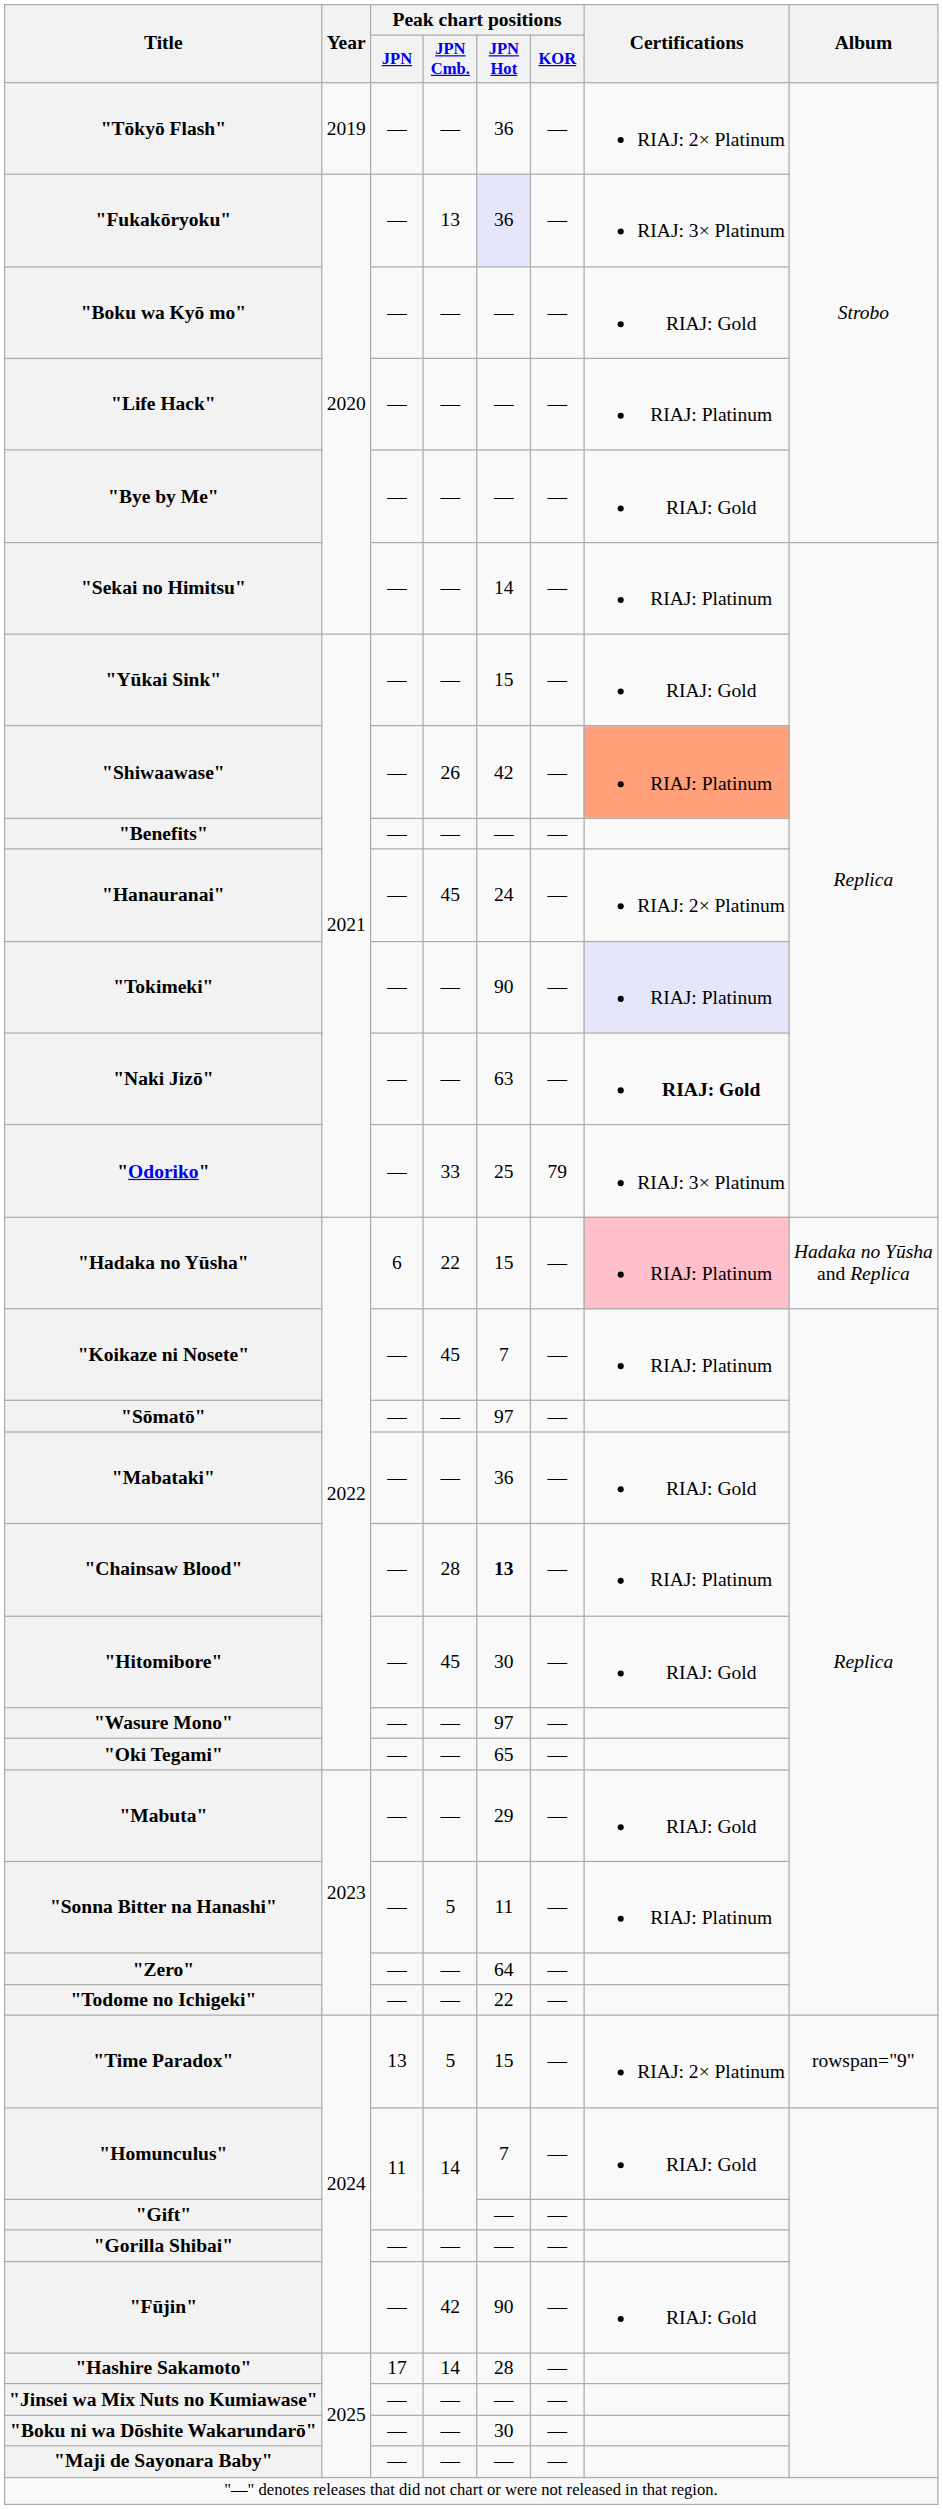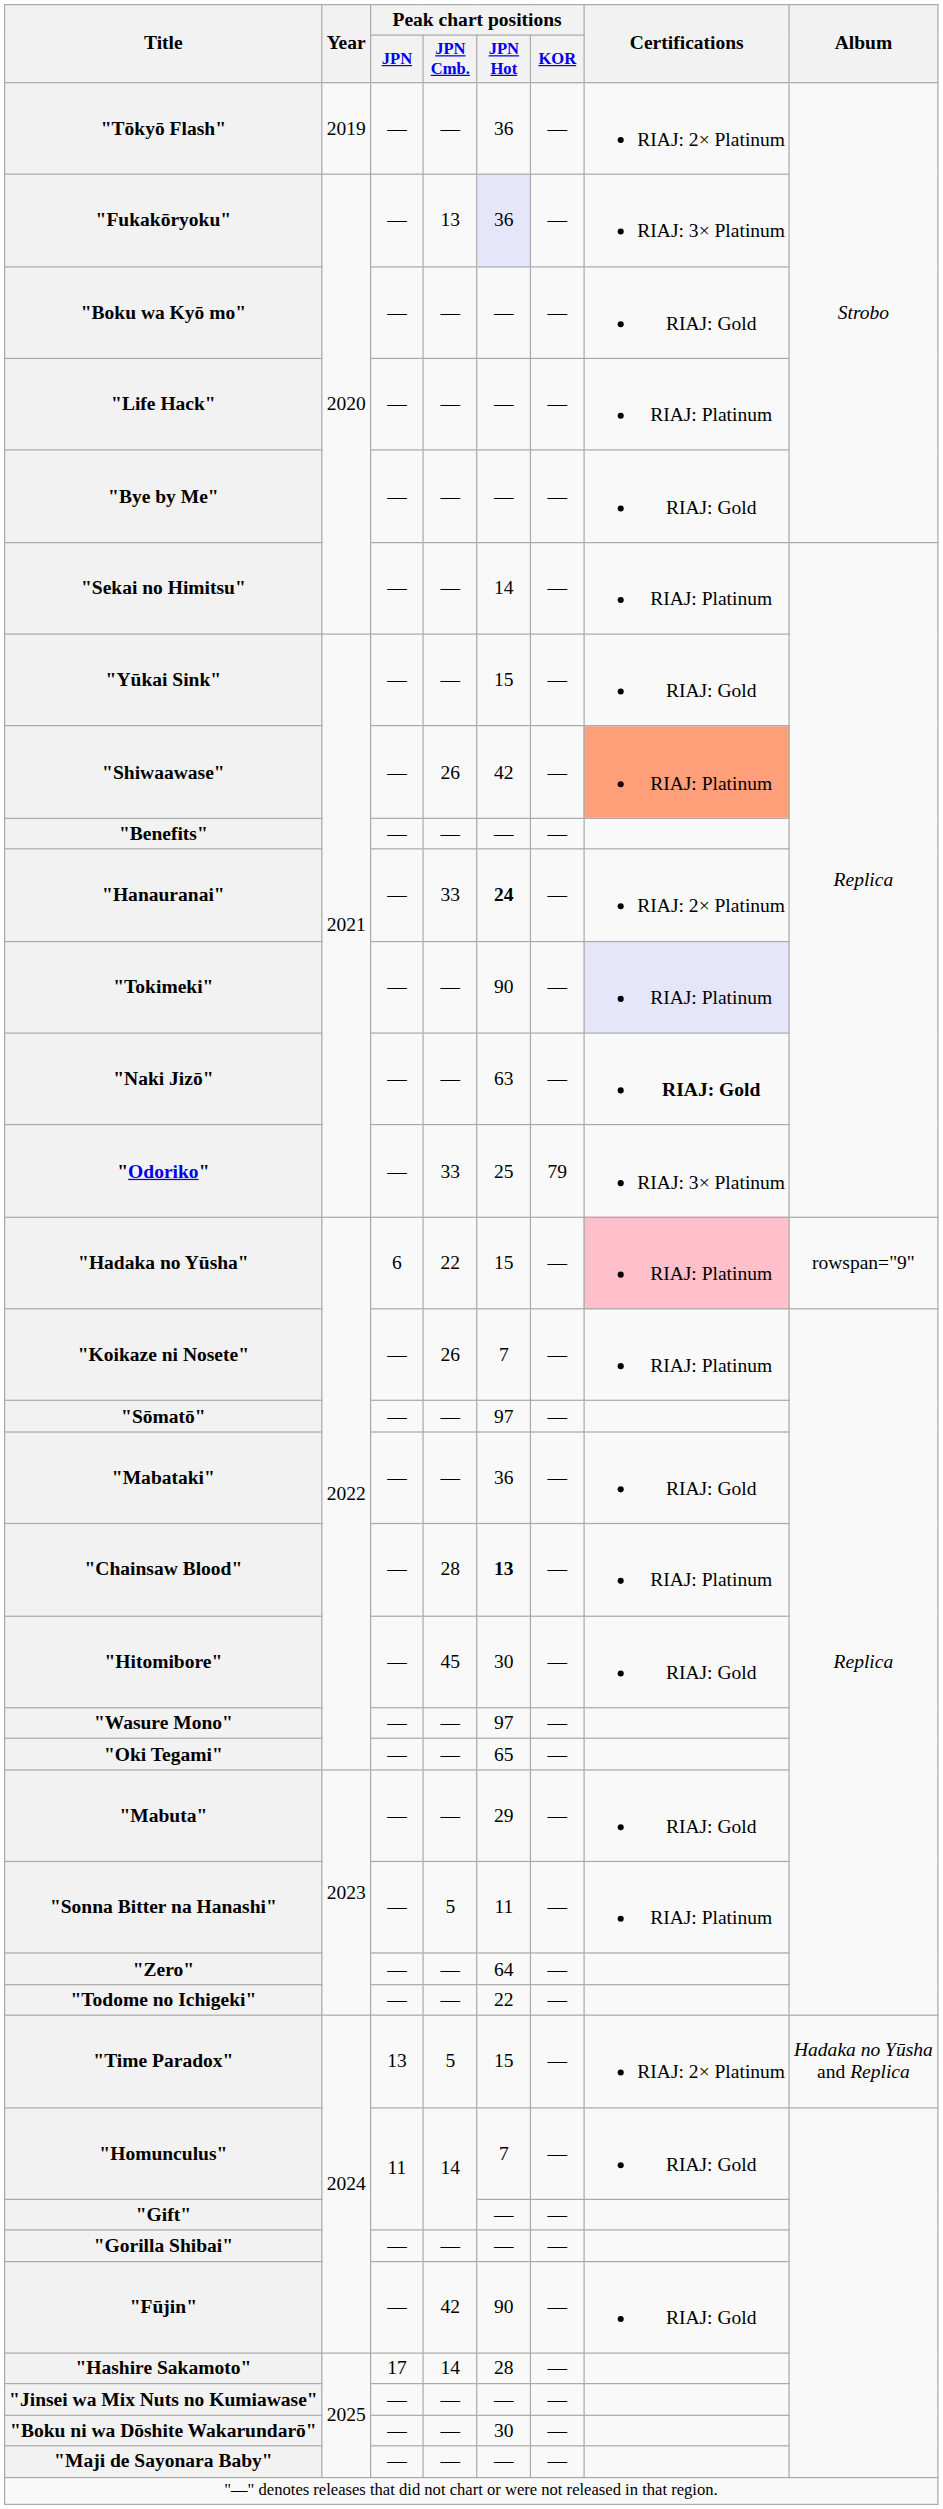 <table class="wikitable plainrowheaders" style="text-align:center">
 <tr>
 <th scope="col" rowspan="2">Title</th>
 <th scope="col" rowspan="2">Year</th>
 <th scope="col" colspan="4">Peak chart positions</th>
 <th scope="col" rowspan="2">Certifications</th>
 <th scope="col" rowspan="2">Album</th>
 </tr>
 <tr>
 <th scope="col" style="width:2.75em;font-size:85%"><a href='#'>JPN</a><br></th>
 <th scope="col" style="width:2.75em;font-size:85%"><a href='#'>JPN<br>Cmb.</a><br></th>
 <th scope="col" style="width:2.75em;font-size:85%"><a href='#'>JPN<br>Hot</a><br></th>
 <th scope="col" style="width:2.75em;font-size:85%"><a href='#'>KOR</a><br></th>
 </tr>
 <tr>
 <th scope="row">"Tōkyō Flash"</th>
 <td>2019</td>
 <td>—</td>
 <td>—</td>
 <td>36</td>
 <td>—</td>
 <td><br><ul><li>RIAJ: 2× Platinum </li></ul></td>
 <td rowspan="5"><em>Strobo</em></td>
 </tr>
 <tr>
 <th scope="row">"Fukakōryoku"</th>
 <td rowspan="5">2020</td>
 <td>—</td>
 <td>13</td>
 <td style="background: lavender;">36</td>
 <td>—</td>
 <td><br><ul><li>RIAJ: 3× Platinum </li></ul></td>
 </tr>
 <tr>
 <th scope="row">"Boku wa Kyō mo"</th>
 <td>—</td>
 <td>—</td>
 <td>—</td>
 <td>—</td>
 <td><br><ul><li>RIAJ: Gold </li></ul></td>
 </tr>
 <tr>
 <th scope="row">"Life Hack"</th>
 <td>—</td>
 <td>—</td>
 <td>—</td>
 <td>—</td>
 <td><br><ul><li>RIAJ: Platinum </li></ul></td>
 </tr>
 <tr>
 <th scope="row">"Bye by Me"</th>
 <td>—</td>
 <td>—</td>
 <td>—</td>
 <td>—</td>
 <td><br><ul><li>RIAJ: Gold </li></ul></td>
 </tr>
 <tr>
 <th scope="row">"Sekai no Himitsu"</th>
 <td>—</td>
 <td>—</td>
 <td>14</td>
 <td>—</td>
 <td><br><ul><li>RIAJ: Platinum </li></ul></td>
 <td rowspan="8"><em>Replica</em></td>
 </tr>
 <tr>
 <th scope="row">"Yūkai Sink"</th>
 <td rowspan="7">2021</td>
 <td>—</td>
 <td>—</td>
 <td>15</td>
 <td>—</td>
 <td><br><ul><li>RIAJ: Gold </li></ul></td>
 </tr>
 <tr>
 <th scope="row">"Shiwaawase"</th>
 <td>—</td>
 <td>26</td>
 <td>42</td>
 <td>—</td>
 <td style="background: lightsalmon;"><br><ul><li>RIAJ: Platinum </li></ul></td>
 </tr>
 <tr>
 <th scope="row">"Benefits"</th>
 <td>—</td>
 <td>—</td>
 <td>—</td>
 <td>—</td>
 <td></td>
 </tr>
 <tr>
 <th scope="row">"Hanauranai"</th>
 <td>—</td>
-<td>45</td>
-<td>24</td>
+<td>33</td>
+<td><strong>24</strong></td>
 <td>—</td>
 <td><br><ul><li>RIAJ: 2× Platinum </li></ul></td>
 </tr>
 <tr>
 <th scope="row">"Tokimeki"</th>
 <td>—</td>
 <td>—</td>
 <td>90</td>
 <td>—</td>
 <td style="background: lavender;"><br><ul><li>RIAJ: Platinum </li></ul></td>
 </tr>
 <tr>
 <th scope="row">"Naki Jizō"</th>
 <td>—</td>
 <td>—</td>
 <td>63</td>
 <td>—</td>
 <td><strong><br><ul><li>RIAJ: Gold </li></ul></strong></td>
 </tr>
 <tr>
 <th scope="row">"<a href='#'>Odoriko</a>"</th>
 <td>—</td>
 <td>33</td>
 <td>25</td>
 <td>79</td>
 <td><br><ul><li>RIAJ: 3× Platinum </li></ul></td>
 </tr>
 <tr>
 <th scope="row">"Hadaka no Yūsha"</th>
 <td rowspan="8">2022</td>
 <td>6</td>
 <td>22</td>
 <td>15</td>
 <td>—</td>
 <td style="background: pink;"><br><ul><li>RIAJ: Platinum </li></ul></td>
-<td><em>Hadaka no Yūsha</em><br>and <em>Replica</em></td>
+<td>rowspan="9" </td>
 </tr>
 <tr>
 <th scope="row">"Koikaze ni Nosete"</th>
 <td>—</td>
-<td>45</td>
+<td>26</td>
 <td>7</td>
 <td>—</td>
 <td><br><ul><li>RIAJ: Platinum </li></ul></td>
 <td rowspan="11"><em>Replica</em></td>
 </tr>
 <tr>
 <th scope="row">"Sōmatō"</th>
 <td>—</td>
 <td>—</td>
 <td>97</td>
 <td>—</td>
 <td></td>
 </tr>
 <tr>
 <th scope="row">"Mabataki"</th>
 <td>—</td>
 <td>—</td>
 <td>36</td>
 <td>—</td>
 <td><br><ul><li>RIAJ: Gold </li></ul></td>
 </tr>
 <tr>
 <th scope="row">"Chainsaw Blood"</th>
 <td>—</td>
 <td>28</td>
 <td><strong>13</strong></td>
 <td>—</td>
 <td><br><ul><li>RIAJ: Platinum </li></ul></td>
 </tr>
 <tr>
 <th scope="row">"Hitomibore"</th>
 <td>—</td>
 <td>45</td>
 <td>30</td>
 <td>—</td>
 <td><br><ul><li>RIAJ: Gold </li></ul></td>
 </tr>
 <tr>
 <th scope="row">"Wasure Mono"</th>
 <td>—</td>
 <td>—</td>
 <td>97</td>
 <td>—</td>
 <td></td>
 </tr>
 <tr>
 <th scope="row">"Oki Tegami"</th>
 <td>—</td>
 <td>—</td>
 <td>65</td>
 <td>—</td>
 <td></td>
 </tr>
 <tr>
 <th scope="row">"Mabuta"</th>
 <td rowspan="4">2023</td>
 <td>—</td>
 <td>—</td>
 <td>29</td>
 <td>—</td>
 <td><br><ul><li>RIAJ: Gold </li></ul></td>
 </tr>
 <tr>
 <th scope="row">"Sonna Bitter na Hanashi"</th>
 <td>—</td>
 <td>5</td>
 <td>11</td>
 <td>—</td>
 <td><br><ul><li>RIAJ: Platinum </li></ul></td>
 </tr>
 <tr>
 <th scope="row">"Zero"</th>
 <td>—</td>
 <td>—</td>
 <td>64</td>
 <td>—</td>
 <td></td>
 </tr>
 <tr>
 <th scope="row">"Todome no Ichigeki"<br></th>
 <td>—</td>
 <td>—</td>
 <td>22</td>
 <td>—</td>
 <td></td>
 </tr>
 <tr>
 <th scope="row">"Time Paradox"</th>
 <td rowspan="5">2024</td>
 <td>13</td>
 <td>5</td>
 <td>15</td>
 <td>—</td>
 <td><br><ul><li>RIAJ: 2× Platinum </li></ul></td>
-<td>rowspan="9" </td>
+<td><em>Hadaka no Yūsha</em><br>and <em>Replica</em></td>
 </tr>
 <tr>
 <th scope="row">"Homunculus"</th>
 <td rowspan="2">11</td>
 <td rowspan="2">14</td>
 <td>7</td>
 <td>—</td>
 <td><br><ul><li>RIAJ: Gold </li></ul></td>
 </tr>
 <tr>
 <th scope="row">"Gift"</th>
 <td>—</td>
 <td>—</td>
 <td></td>
 </tr>
 <tr>
 <th scope="row">"Gorilla Shibai"</th>
 <td>—</td>
 <td>—</td>
 <td>—</td>
 <td>—</td>
 <td></td>
 </tr>
 <tr>
 <th scope="row">"Fūjin"</th>
 <td>—</td>
 <td>42</td>
 <td>90</td>
 <td>—</td>
 <td><br><ul><li>RIAJ: Gold </li></ul></td>
 </tr>
 <tr>
 <th scope="row">"Hashire Sakamoto"</th>
 <td rowspan="4">2025</td>
 <td>17</td>
 <td>14</td>
 <td>28</td>
 <td>—</td>
 <td></td>
 </tr>
 <tr>
 <th scope="row">"Jinsei wa Mix Nuts no Kumiawase"</th>
 <td>—</td>
 <td>—</td>
 <td>—</td>
 <td>—</td>
 <td></td>
 </tr>
 <tr>
 <th scope="row">"Boku ni wa Dōshite Wakarundarō"</th>
 <td>—</td>
 <td>—</td>
 <td>30</td>
 <td>—</td>
 <td></td>
 </tr>
 <tr>
 <th scope="row">"Maji de Sayonara Baby"</th>
 <td>—</td>
 <td>—</td>
 <td>—</td>
 <td>—</td>
 <td></td>
 </tr>
 <tr>
 <td colspan="8" style="font-size:85%">"—" denotes releases that did not chart or were not released in that region.</td>
 </tr>
 </table>
